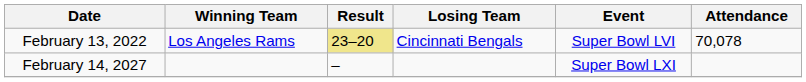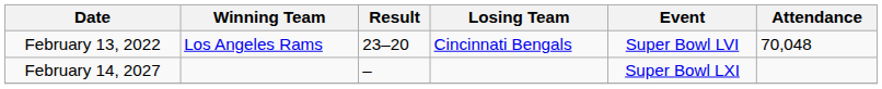 <table class="wikitable" style="text-align:left; width:95%;" style="text-align:center">
 <tr>
 <th style="text-align:center;">Date</th>
 <th style="text-align:center;">Winning Team</th>
 <th style="text-align:center;">Result</th>
 <th style="text-align:center;">Losing Team</th>
 <th style="text-align:center;">Event</th>
 <th style="text-align:center;">Attendance</th>
 </tr>
 <tr>
 <td style="text-align:center;">February 13, 2022</td>
 <td><a href='#'>Los Angeles Rams</a></td>
-<td style="background: khaki;">23–20</td>
+<td>23–20</td>
 <td><a href='#'>Cincinnati Bengals</a></td>
 <td style="text-align:center; "><a href='#'>Super Bowl LVI</a></td>
-<td>70,078</td>
+<td>70,048</td>
 </tr>
 <tr>
 <td style="text-align:center;">February 14, 2027</td>
 <td></td>
 <td>–</td>
 <td></td>
 <td style="text-align:center; "><a href='#'>Super Bowl LXI</a></td>
 <td></td>
 </tr>
 <tr>
 </tr>
 </table>
